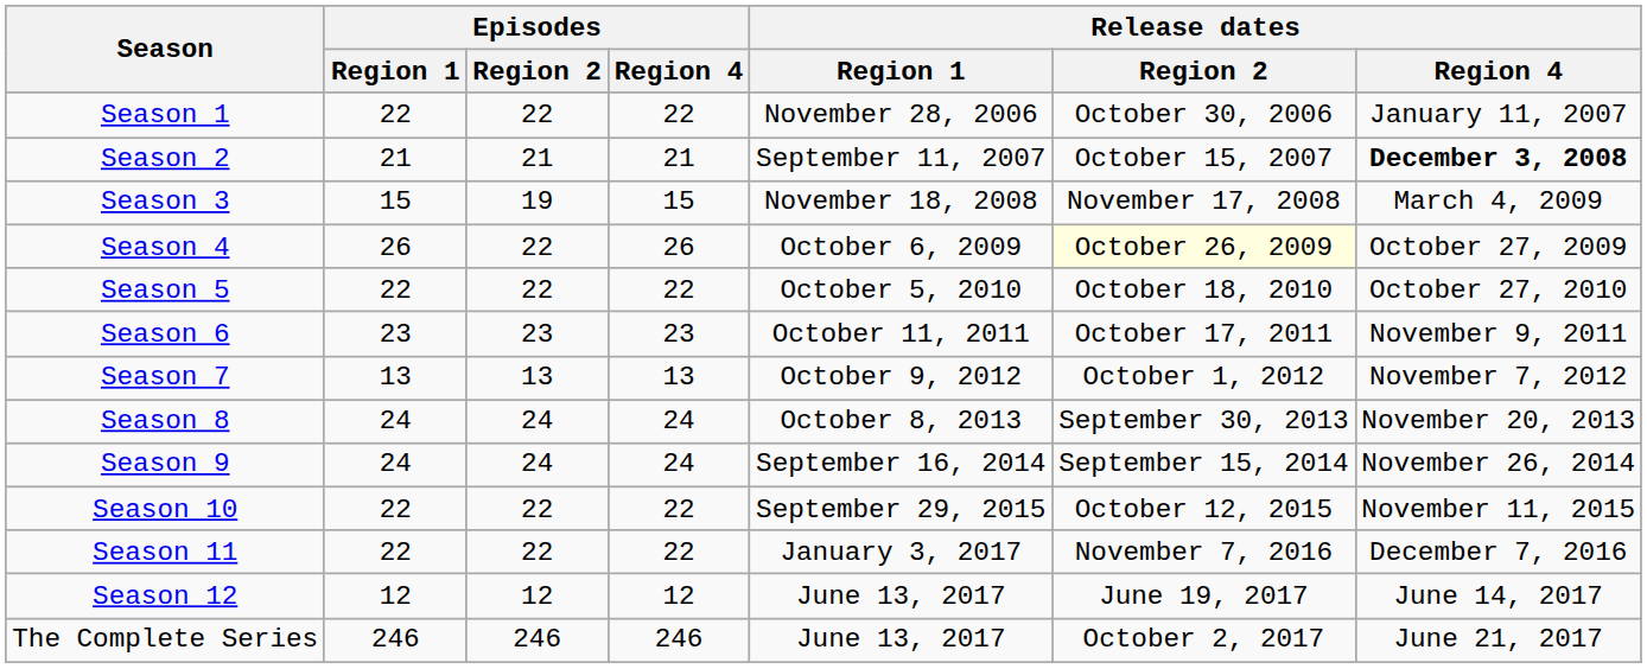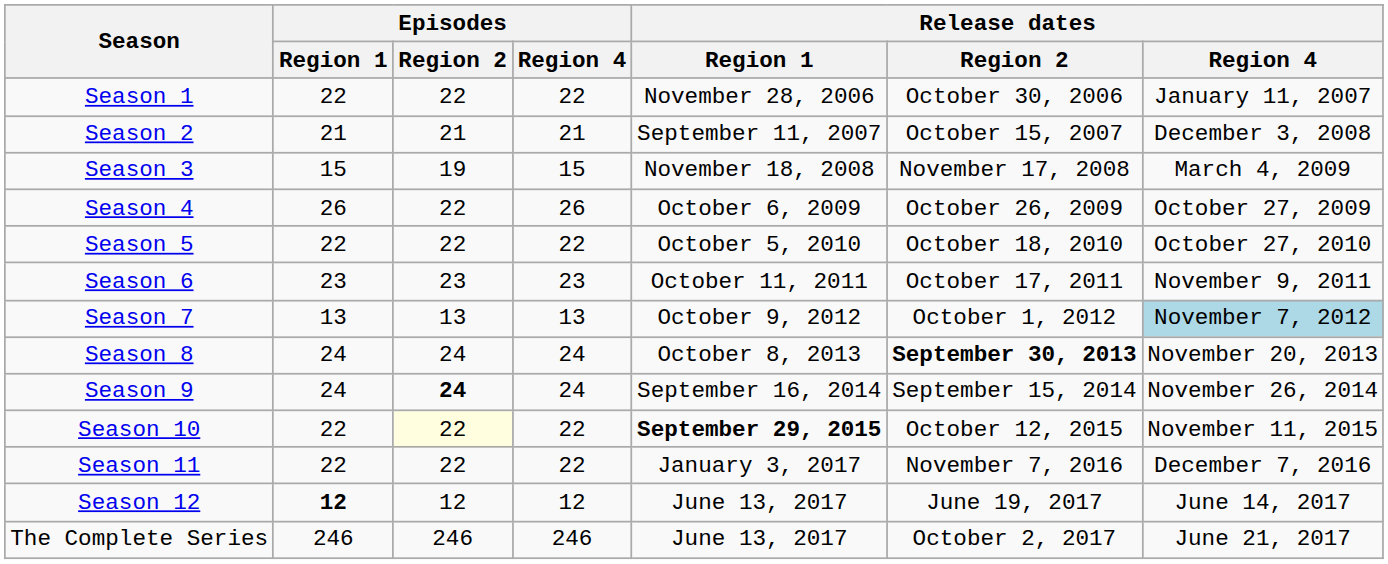 <table class="wikitable" style="text-align:center;">
 <tr>
 <th rowspan="2">Season</th>
 <th colspan="3">Episodes</th>
 <th colspan="3">Release dates</th>
 </tr>
 <tr>
 <th>Region 1</th>
 <th>Region 2</th>
 <th>Region 4</th>
 <th>Region 1</th>
 <th>Region 2</th>
 <th>Region 4</th>
 </tr>
 <tr>
 <td><a href='#'>Season 1</a></td>
 <td>22</td>
 <td>22</td>
 <td>22</td>
 <td>November 28, 2006</td>
 <td>October 30, 2006</td>
 <td>January 11, 2007</td>
 </tr>
 <tr>
 <td><a href='#'>Season 2</a></td>
 <td>21</td>
 <td>21</td>
 <td>21</td>
 <td>September 11, 2007</td>
 <td>October 15, 2007</td>
-<td><strong>December 3, 2008</strong></td>
+<td>December 3, 2008</td>
 </tr>
 <tr>
 <td><a href='#'>Season 3</a></td>
 <td>15</td>
 <td>19</td>
 <td>15</td>
 <td>November 18, 2008</td>
 <td>November 17, 2008</td>
 <td>March 4, 2009</td>
 </tr>
 <tr>
 <td><a href='#'>Season 4</a></td>
 <td>26</td>
 <td>22</td>
 <td>26</td>
 <td>October 6, 2009</td>
-<td style="background: lightyellow;">October 26, 2009</td>
+<td>October 26, 2009</td>
 <td>October 27, 2009</td>
 </tr>
 <tr>
 <td><a href='#'>Season 5</a></td>
 <td>22</td>
 <td>22</td>
 <td>22</td>
 <td>October 5, 2010</td>
 <td>October 18, 2010</td>
 <td>October 27, 2010</td>
 </tr>
 <tr>
 <td><a href='#'>Season 6</a></td>
 <td>23</td>
 <td>23</td>
 <td>23</td>
 <td>October 11, 2011</td>
 <td>October 17, 2011</td>
 <td>November 9, 2011</td>
 </tr>
 <tr>
 <td><a href='#'>Season 7</a></td>
 <td>13</td>
 <td>13</td>
 <td>13</td>
 <td>October 9, 2012</td>
 <td>October 1, 2012</td>
-<td>November 7, 2012</td>
+<td style="background: lightblue;">November 7, 2012</td>
 </tr>
 <tr>
 <td><a href='#'>Season 8</a></td>
 <td>24</td>
 <td>24</td>
 <td>24</td>
 <td>October 8, 2013</td>
-<td>September 30, 2013</td>
+<td><strong>September 30, 2013</strong></td>
 <td>November 20, 2013</td>
 </tr>
 <tr>
 <td><a href='#'>Season 9</a></td>
 <td>24</td>
-<td>24</td>
+<td><strong>24</strong></td>
 <td>24</td>
 <td>September 16, 2014</td>
 <td>September 15, 2014</td>
 <td>November 26, 2014</td>
 </tr>
 <tr>
 <td><a href='#'>Season 10</a></td>
 <td>22</td>
+<td style="background: lightyellow;">22</td>
 <td>22</td>
-<td>22</td>
-<td>September 29, 2015</td>
+<td><strong>September 29, 2015</strong></td>
 <td>October 12, 2015</td>
 <td>November 11, 2015</td>
 </tr>
 <tr>
 <td><a href='#'>Season 11</a></td>
 <td>22</td>
 <td>22</td>
 <td>22</td>
 <td>January 3, 2017</td>
 <td>November 7, 2016</td>
 <td>December 7, 2016</td>
 </tr>
 <tr>
 <td><a href='#'>Season 12</a></td>
-<td>12</td>
+<td><strong>12</strong></td>
 <td>12</td>
 <td>12</td>
 <td>June 13, 2017</td>
 <td>June 19, 2017</td>
 <td>June 14, 2017</td>
 </tr>
 <tr>
 <td>The Complete Series</td>
 <td>246</td>
 <td>246</td>
 <td>246</td>
 <td>June 13, 2017</td>
 <td>October 2, 2017</td>
 <td>June 21, 2017</td>
 </tr>
 </table>
